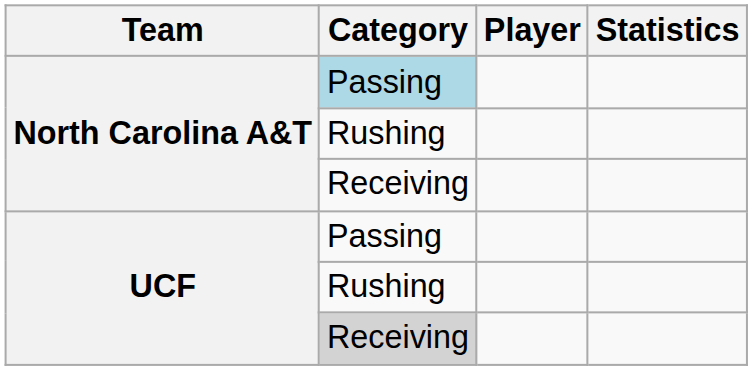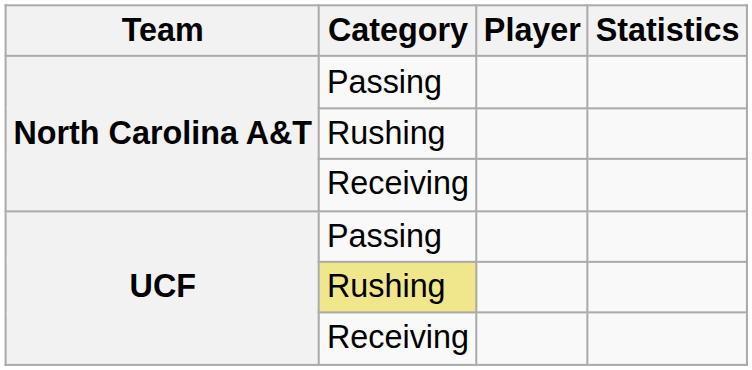 <table class="wikitable" style="float:right">
 <tr>
 <th>Team</th>
 <th>Category</th>
 <th>Player</th>
 <th>Statistics</th>
 </tr>
 <tr>
 <th rowspan=3>North Carolina A&T</th>
-<td style="background: lightblue;">Passing</td>
+<td>Passing</td>
 <td></td>
 <td></td>
 </tr>
 <tr>
 <td>Rushing</td>
 <td></td>
 <td></td>
 </tr>
 <tr>
 <td>Receiving</td>
 <td></td>
 <td></td>
 </tr>
 <tr>
 <th rowspan=3>UCF</th>
 <td>Passing</td>
 <td></td>
 <td></td>
 </tr>
 <tr>
-<td>Rushing</td>
+<td style="background: khaki;">Rushing</td>
 <td></td>
 <td></td>
 </tr>
 <tr>
-<td style="background: lightgrey;">Receiving</td>
+<td>Receiving</td>
 <td></td>
 <td></td>
 </tr>
 </table>
